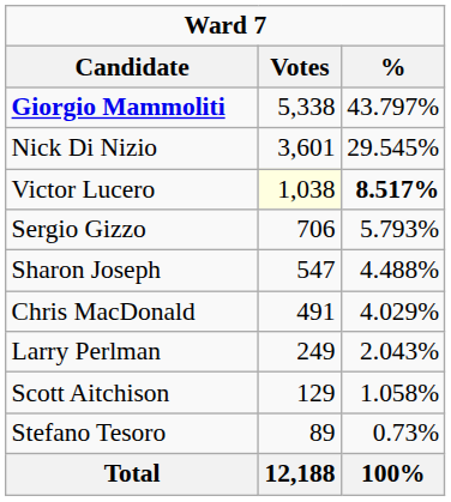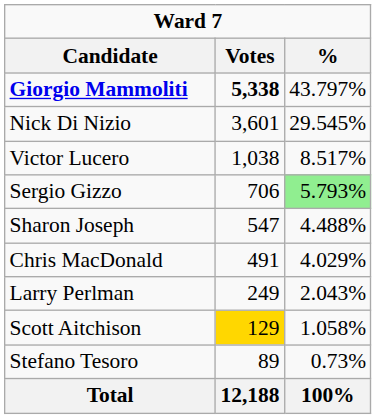 <table class="wikitable">
 <tr>
 <td Colspan="3" align="center"><strong>Ward 7</strong></td>
 </tr>
 <tr>
 <th bgcolor="#DDDDFF" width="150px">Candidate</th>
 <th bgcolor="#DDDDFF">Votes</th>
 <th bgcolor="#DDDDFF">%</th>
 </tr>
 <tr>
 <td><strong><a href='#'>Giorgio Mammoliti</a></strong></td>
-<td align=right>5,338</td>
+<td align=right><strong>5,338</strong></td>
 <td align=right>43.797%</td>
 </tr>
 <tr>
 <td>Nick Di Nizio</td>
 <td align=right>3,601</td>
 <td align=right>29.545%</td>
 </tr>
 <tr>
 <td>Victor Lucero</td>
-<td align=right style="background: lightyellow;">1,038</td>
-<td align=right><strong>8.517%</strong></td>
+<td align=right>1,038</td>
+<td align=right>8.517%</td>
 </tr>
 <tr>
 <td>Sergio Gizzo</td>
 <td align=right>706</td>
-<td align=right>5.793%</td>
+<td align=right style="background: lightgreen;">5.793%</td>
 </tr>
 <tr>
 <td>Sharon Joseph</td>
 <td align=right>547</td>
 <td align=right>4.488%</td>
 </tr>
 <tr>
 <td>Chris MacDonald</td>
 <td align=right>491</td>
 <td align=right>4.029%</td>
 </tr>
 <tr>
 <td>Larry Perlman</td>
 <td align=right>249</td>
 <td align=right>2.043%</td>
 </tr>
 <tr>
 <td>Scott Aitchison</td>
-<td align=right>129</td>
+<td align=right style="background: gold;">129</td>
 <td align=right>1.058%</td>
 </tr>
 <tr>
 <td>Stefano Tesoro</td>
 <td align=right>89</td>
 <td align=right>0.73%</td>
 </tr>
 <tr>
 <th>Total</th>
 <th align=right>12,188</th>
 <th align=right>100%</th>
 </tr>
 </table>
